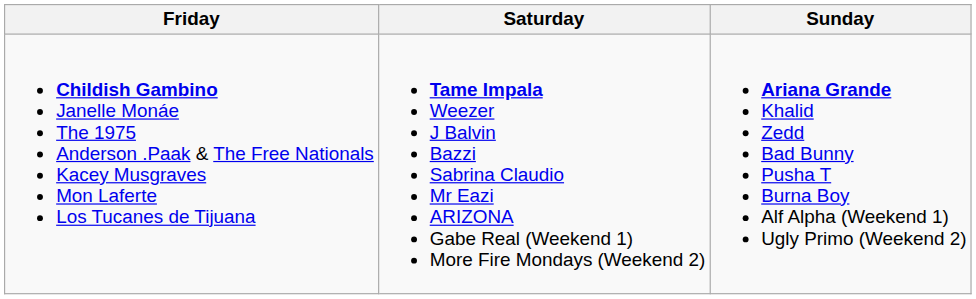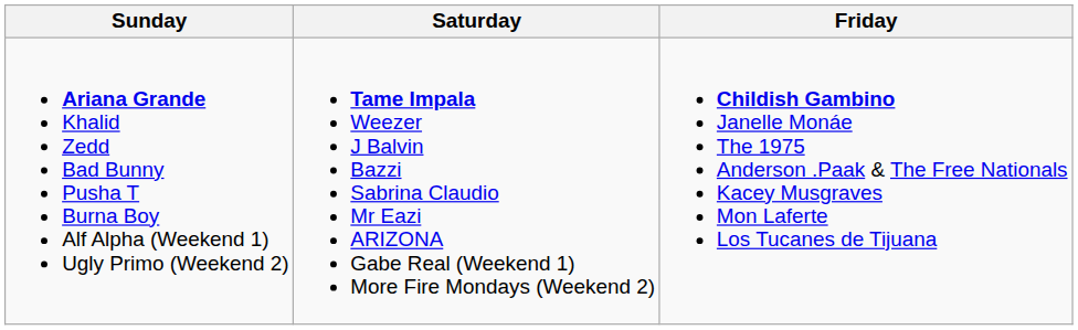 <table class="wikitable">
 <tr>
+<th>Sunday</th>
+<th>Saturday</th>
 <th>Friday</th>
-<th>Saturday</th>
-<th>Sunday</th>
 </tr>
 <tr valign="top">
+<td><br><ul><li><strong><a href='#'>Ariana Grande</a></strong></li><li><a href='#'>Khalid</a></li><li><a href='#'>Zedd</a></li><li><a href='#'>Bad Bunny</a></li><li><a href='#'>Pusha T</a></li><li><a href='#'>Burna Boy</a></li><li>Alf Alpha (Weekend 1)</li><li>Ugly Primo (Weekend 2)</li></ul></td>
+<td><br><ul><li><strong><a href='#'>Tame Impala</a></strong></li><li><a href='#'>Weezer</a></li><li><a href='#'>J Balvin</a></li><li><a href='#'>Bazzi</a></li><li><a href='#'>Sabrina Claudio</a></li><li><a href='#'>Mr Eazi</a></li><li><a href='#'>ARIZONA</a></li><li>Gabe Real (Weekend 1)</li><li>More Fire Mondays (Weekend 2)</li></ul></td>
 <td><br><ul><li><strong><a href='#'>Childish Gambino</a></strong></li><li><a href='#'>Janelle Monáe</a></li><li><a href='#'>The 1975</a></li><li><a href='#'>Anderson .Paak</a> & <a href='#'>The Free Nationals</a></li><li><a href='#'>Kacey Musgraves</a></li><li><a href='#'>Mon Laferte</a></li><li><a href='#'>Los Tucanes de Tijuana</a></li></ul></td>
-<td><br><ul><li><strong><a href='#'>Tame Impala</a></strong></li><li><a href='#'>Weezer</a></li><li><a href='#'>J Balvin</a></li><li><a href='#'>Bazzi</a></li><li><a href='#'>Sabrina Claudio</a></li><li><a href='#'>Mr Eazi</a></li><li><a href='#'>ARIZONA</a></li><li>Gabe Real (Weekend 1)</li><li>More Fire Mondays (Weekend 2)</li></ul></td>
-<td><br><ul><li><strong><a href='#'>Ariana Grande</a></strong></li><li><a href='#'>Khalid</a></li><li><a href='#'>Zedd</a></li><li><a href='#'>Bad Bunny</a></li><li><a href='#'>Pusha T</a></li><li><a href='#'>Burna Boy</a></li><li>Alf Alpha (Weekend 1)</li><li>Ugly Primo (Weekend 2)</li></ul></td>
 </tr>
 </table>
